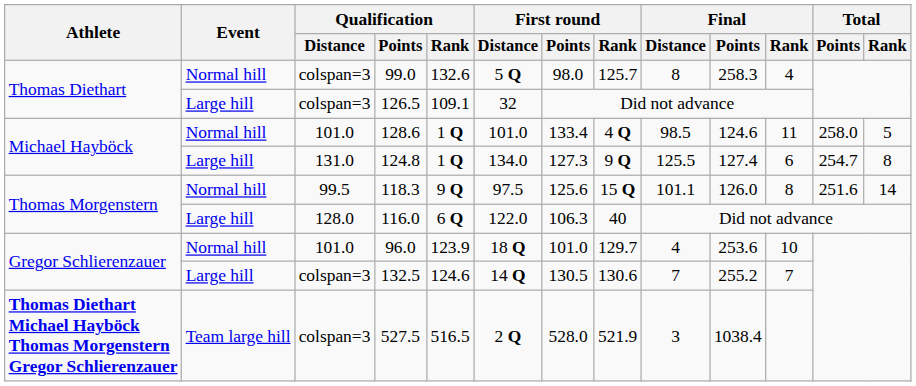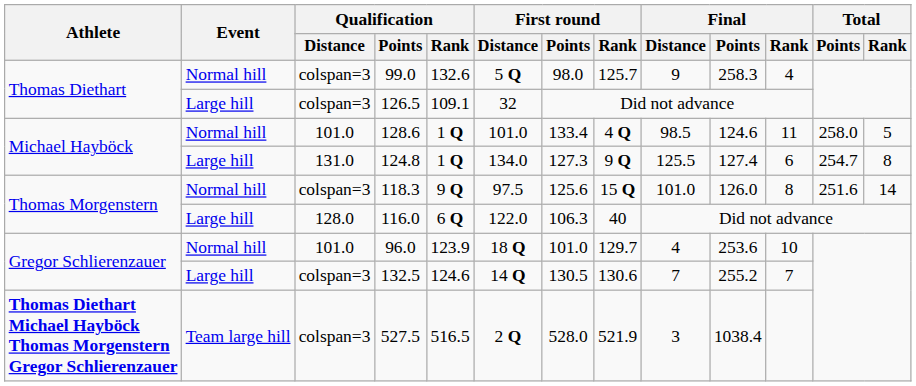 <table class="wikitable" style="font-size:90%">
 <tr>
 <th rowspan=2>Athlete</th>
 <th rowspan=2>Event</th>
 <th colspan=3>Qualification</th>
 <th colspan=3>First round</th>
 <th colspan=3>Final</th>
 <th colspan=2>Total</th>
 </tr>
 <tr style="font-size:95%">
 <th>Distance</th>
 <th>Points</th>
 <th>Rank</th>
 <th>Distance</th>
 <th>Points</th>
 <th>Rank</th>
 <th>Distance</th>
 <th>Points</th>
 <th>Rank</th>
 <th>Points</th>
 <th>Rank</th>
 </tr>
 <tr align=center>
 <td align=left rowspan=2><a href='#'>Thomas Diethart</a></td>
 <td align=left><a href='#'>Normal hill</a></td>
 <td>colspan=3 </td>
 <td>99.0</td>
 <td>132.6</td>
 <td>5 <strong>Q</strong></td>
 <td>98.0</td>
 <td>125.7</td>
-<td>8</td>
+<td>9</td>
 <td>258.3</td>
 <td>4</td>
 </tr>
 <tr align=center>
 <td align=left><a href='#'>Large hill</a></td>
 <td>colspan=3 </td>
 <td>126.5</td>
 <td>109.1</td>
 <td>32</td>
 <td colspan=5>Did not advance</td>
 </tr>
 <tr align=center>
 <td align=left rowspan=2><a href='#'>Michael Hayböck</a></td>
 <td align=left><a href='#'>Normal hill</a></td>
 <td>101.0</td>
 <td>128.6</td>
 <td>1 <strong>Q</strong></td>
 <td>101.0</td>
 <td>133.4</td>
 <td>4 <strong>Q</strong></td>
 <td>98.5</td>
 <td>124.6</td>
 <td>11</td>
 <td>258.0</td>
 <td>5</td>
 </tr>
 <tr align=center>
 <td align=left><a href='#'>Large hill</a></td>
 <td>131.0</td>
 <td>124.8</td>
 <td>1 <strong>Q</strong></td>
 <td>134.0</td>
 <td>127.3</td>
 <td>9 <strong>Q</strong></td>
 <td>125.5</td>
 <td>127.4</td>
 <td>6</td>
 <td>254.7</td>
 <td>8</td>
 </tr>
 <tr align=center>
 <td align=left rowspan=2><a href='#'>Thomas Morgenstern</a></td>
 <td align=left><a href='#'>Normal hill</a></td>
-<td>99.5</td>
+<td>colspan=3 </td>
 <td>118.3</td>
 <td>9 <strong>Q</strong></td>
 <td>97.5</td>
 <td>125.6</td>
 <td>15 <strong>Q</strong></td>
-<td>101.1</td>
+<td>101.0</td>
 <td>126.0</td>
 <td>8</td>
 <td>251.6</td>
 <td>14</td>
 </tr>
 <tr align=center>
 <td align=left><a href='#'>Large hill</a></td>
 <td>128.0</td>
 <td>116.0</td>
 <td>6 <strong>Q</strong></td>
 <td>122.0</td>
 <td>106.3</td>
 <td>40</td>
 <td colspan=5>Did not advance</td>
 </tr>
 <tr align=center>
 <td align=left rowspan=2><a href='#'>Gregor Schlierenzauer</a></td>
 <td align=left><a href='#'>Normal hill</a></td>
 <td>101.0</td>
 <td>96.0</td>
 <td>123.9</td>
 <td>18 <strong>Q</strong></td>
 <td>101.0</td>
 <td>129.7</td>
 <td>4</td>
 <td>253.6</td>
 <td>10</td>
 </tr>
 <tr align=center>
 <td align=left><a href='#'>Large hill</a></td>
 <td>colspan=3 </td>
 <td>132.5</td>
 <td>124.6</td>
 <td>14 <strong>Q</strong></td>
 <td>130.5</td>
 <td>130.6</td>
 <td>7</td>
 <td>255.2</td>
 <td>7</td>
 </tr>
 <tr align=center>
 <td align=left><strong><a href='#'>Thomas Diethart</a><br><a href='#'>Michael Hayböck</a><br><a href='#'>Thomas Morgenstern</a><br><a href='#'>Gregor Schlierenzauer</a></strong></td>
 <td align=left><a href='#'>Team large hill</a></td>
 <td>colspan=3 </td>
 <td>527.5</td>
 <td>516.5</td>
 <td>2 <strong>Q</strong></td>
 <td>528.0</td>
 <td>521.9</td>
 <td>3</td>
 <td>1038.4</td>
 <td></td>
 </tr>
 </table>
